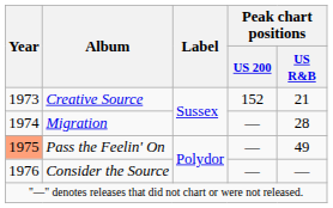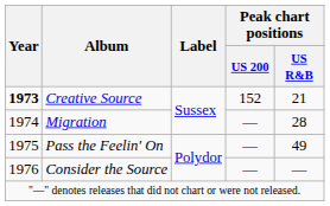 <table class="wikitable">
 <tr>
 <th scope="col" rowspan="2">Year</th>
 <th scope="col" rowspan="2">Album</th>
 <th scope="col" rowspan="2">Label</th>
 <th scope="col" colspan="2">Peak chart positions</th>
 </tr>
 <tr>
 <th style="width:45px;"><small><a href='#'>US 200</a></small><br></th>
 <th style="width:45px;"><small><a href='#'>US R&B</a></small><br></th>
 </tr>
 <tr>
-<td>1973</td>
+<td><strong>1973</strong></td>
 <td><em><a href='#'>Creative Source</a></em></td>
 <td rowspan="2"><a href='#'>Sussex</a></td>
 <td align=center>152</td>
 <td align=center>21</td>
 </tr>
 <tr>
 <td>1974</td>
 <td><em><a href='#'>Migration</a></em></td>
 <td align=center>—</td>
 <td align=center>28</td>
 </tr>
 <tr>
-<td style="background: lightsalmon;">1975</td>
+<td>1975</td>
 <td><em>Pass the Feelin' On</em></td>
 <td rowspan="2"><a href='#'>Polydor</a></td>
 <td align=center>—</td>
 <td align=center>49</td>
 </tr>
 <tr>
 <td>1976</td>
 <td><em>Consider the Source</em></td>
 <td align=center>—</td>
 <td align=center>—</td>
 </tr>
 <tr>
 <td colspan="6" style="text-align:center; font-size:9pt;">"—" denotes releases that did not chart or were not released.</td>
 </tr>
 </table>
